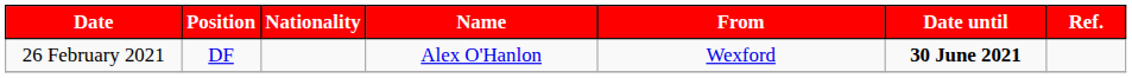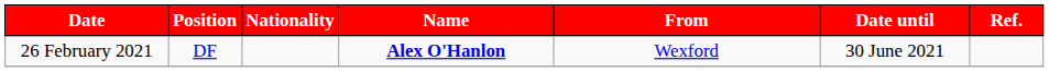 <table class="wikitable"  style="text-align:center; font-size:90%; ">
 <tr>
 <th style="background:#FF0000;color:white;border:1px solid black; width:120px;">Date</th>
 <th style="background:#FF0000;color:white;border:1px solid black; width:50px;">Position</th>
 <th style="background:#FF0000;color:white;border:1px solid black; width:50px;">Nationality</th>
 <th style="background:#FF0000;color:white;border:1px solid black; width:160px;">Name</th>
 <th style="background:#FF0000;color:white;border:1px solid black; width:200px;">From</th>
 <th style="background:#FF0000;color:white;border:1px solid black; width:110px;">Date until</th>
 <th style="background:#FF0000;color:white;border:1px solid black; width:50px;">Ref.</th>
 </tr>
 <tr>
 <td>26 February 2021</td>
 <td><a href='#'>DF</a></td>
 <td></td>
-<td><a href='#'>Alex O'Hanlon</a></td>
+<td><strong><a href='#'>Alex O'Hanlon</a></strong></td>
 <td> <a href='#'>Wexford</a></td>
-<td><strong>30 June 2021</strong></td>
+<td>30 June 2021</td>
 <td></td>
 </tr>
 <tr>
 </tr>
 </table>
